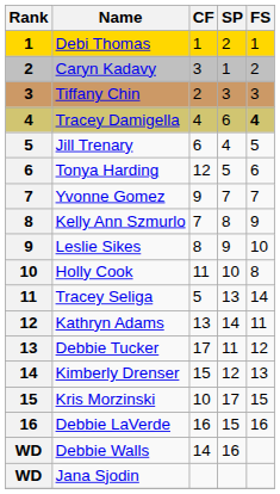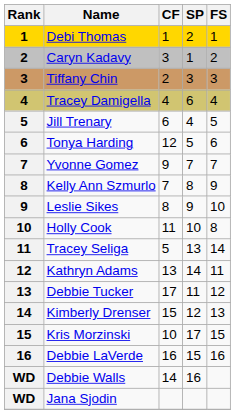 <table class="wikitable">
 <tr>
 <th>Rank</th>
 <th>Name</th>
 <th>CF</th>
 <th>SP</th>
 <th>FS</th>
 </tr>
 <tr bgcolor="gold">
 <td align="center"><strong>1</strong></td>
 <td><a href='#'>Debi Thomas</a></td>
 <td>1</td>
 <td>2</td>
 <td>1</td>
 </tr>
 <tr bgcolor="silver">
 <td align="center"><strong>2</strong></td>
 <td><a href='#'>Caryn Kadavy</a></td>
 <td>3</td>
 <td>1</td>
 <td>2</td>
 </tr>
 <tr bgcolor="cc9966">
 <td align="center"><strong>3</strong></td>
 <td><a href='#'>Tiffany Chin</a></td>
 <td>2</td>
 <td>3</td>
 <td>3</td>
 </tr>
 <tr bgcolor="#d1c571">
 <td align="center"><strong>4</strong></td>
 <td><a href='#'>Tracey Damigella</a></td>
 <td>4</td>
 <td>6</td>
-<td><strong>4</strong></td>
+<td>4</td>
 </tr>
 <tr>
 <th>5</th>
 <td><a href='#'>Jill Trenary</a></td>
 <td>6</td>
 <td>4</td>
 <td>5</td>
 </tr>
 <tr>
 <th>6</th>
 <td><a href='#'>Tonya Harding</a></td>
 <td>12</td>
 <td>5</td>
 <td>6</td>
 </tr>
 <tr>
 <th>7</th>
 <td><a href='#'>Yvonne Gomez</a></td>
 <td>9</td>
 <td>7</td>
 <td>7</td>
 </tr>
 <tr>
 <th>8</th>
 <td><a href='#'>Kelly Ann Szmurlo</a></td>
 <td>7</td>
 <td>8</td>
 <td>9</td>
 </tr>
 <tr>
 <th>9</th>
 <td><a href='#'>Leslie Sikes</a></td>
 <td>8</td>
 <td>9</td>
 <td>10</td>
 </tr>
 <tr>
 <th>10</th>
 <td><a href='#'>Holly Cook</a></td>
 <td>11</td>
 <td>10</td>
 <td>8</td>
 </tr>
 <tr>
 <th>11</th>
 <td><a href='#'>Tracey Seliga</a></td>
 <td>5</td>
 <td>13</td>
 <td>14</td>
 </tr>
 <tr>
 <th>12</th>
 <td><a href='#'>Kathryn Adams</a></td>
 <td>13</td>
 <td>14</td>
 <td>11</td>
 </tr>
 <tr>
 <th>13</th>
 <td><a href='#'>Debbie Tucker</a></td>
 <td>17</td>
 <td>11</td>
 <td>12</td>
 </tr>
 <tr>
 <th>14</th>
 <td><a href='#'>Kimberly Drenser</a></td>
 <td>15</td>
 <td>12</td>
 <td>13</td>
 </tr>
 <tr>
 <th>15</th>
 <td><a href='#'>Kris Morzinski</a></td>
 <td>10</td>
 <td>17</td>
 <td>15</td>
 </tr>
 <tr>
 <th>16</th>
 <td><a href='#'>Debbie LaVerde</a></td>
 <td>16</td>
 <td>15</td>
 <td>16</td>
 </tr>
 <tr>
 <th>WD</th>
 <td><a href='#'>Debbie Walls</a></td>
 <td>14</td>
 <td>16</td>
 <td></td>
 </tr>
 <tr>
 <th>WD</th>
 <td><a href='#'>Jana Sjodin</a></td>
 <td></td>
 <td></td>
 <td></td>
 </tr>
 <tr>
 </tr>
 </table>
